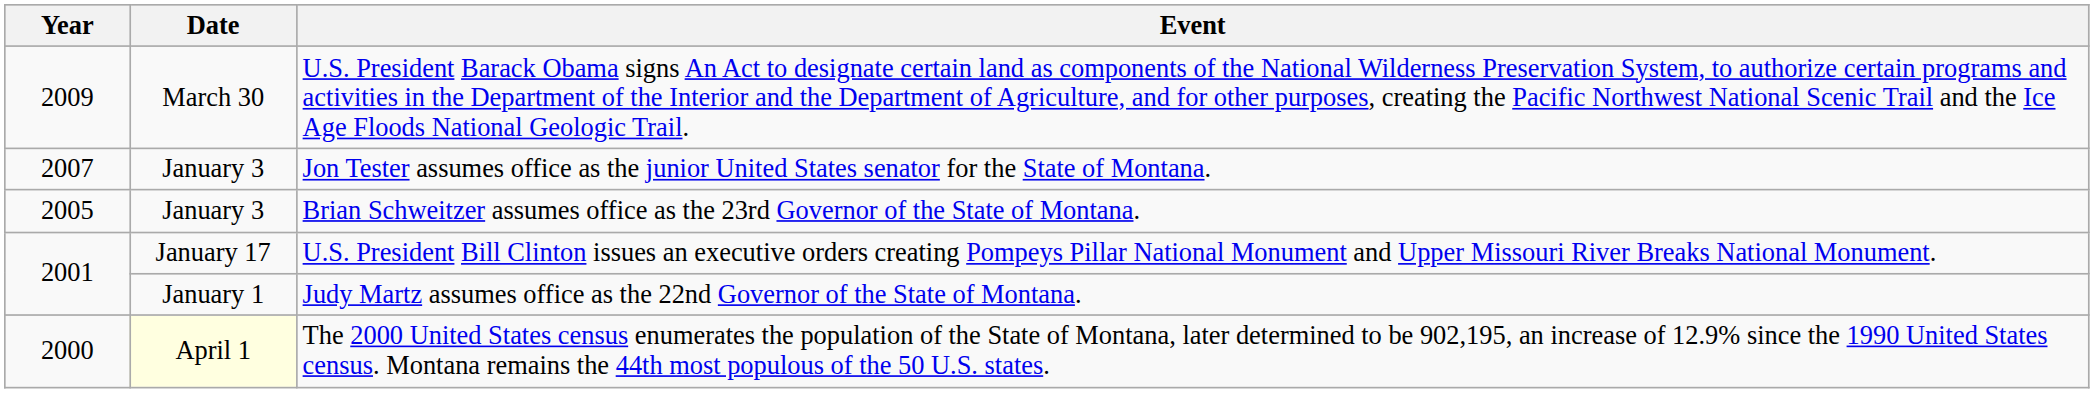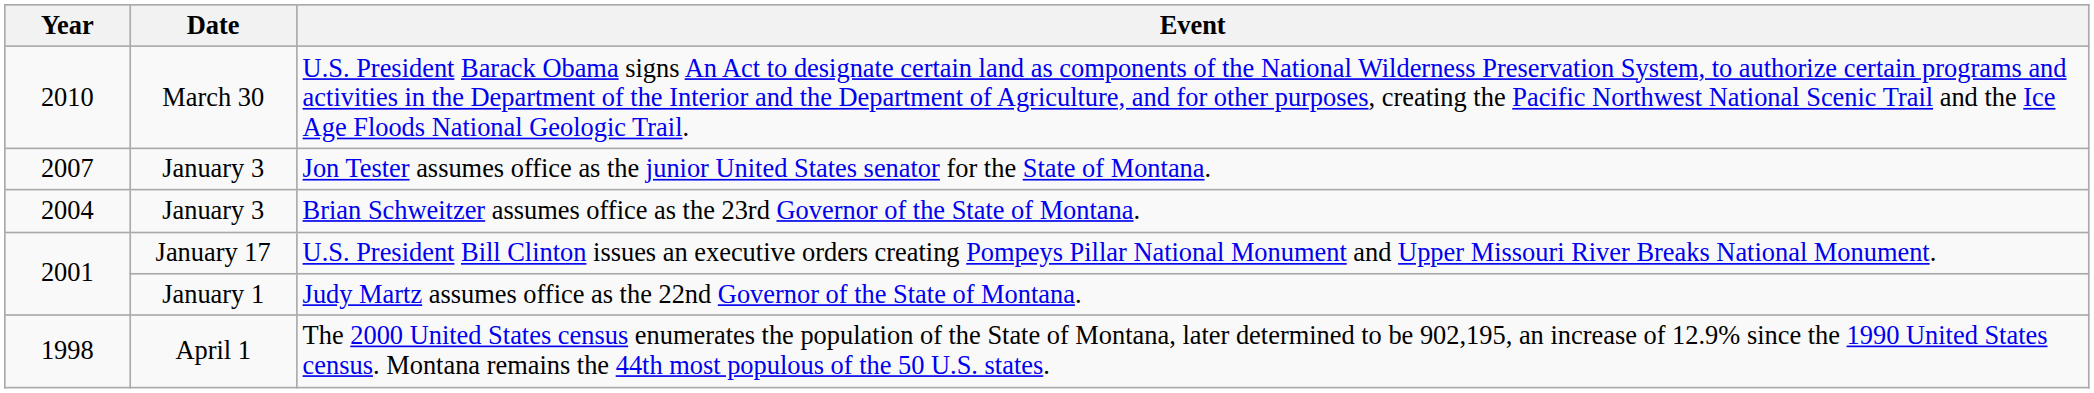 <table class="wikitable" style="width:100%;">
 <tr>
 <th style="width:6%">Year</th>
 <th style="width:8%">Date</th>
 <th style="width:86%">Event</th>
 </tr>
 <tr>
-<td align=center rowspan=1>2009</td>
+<td align=center rowspan=1>2010</td>
 <td align=center>March 30</td>
 <td><a href='#'>U.S. President</a> <a href='#'>Barack Obama</a> signs <a href='#'>An Act to designate certain land as components of the National Wilderness Preservation System, to authorize certain programs and activities in the Department of the Interior and the Department of Agriculture, and for other purposes</a>, creating the <a href='#'>Pacific Northwest National Scenic Trail</a> and the <a href='#'>Ice Age Floods National Geologic Trail</a>.</td>
 </tr>
 <tr>
 <td align=center rowspan=1>2007</td>
 <td align=center>January 3</td>
 <td><a href='#'>Jon Tester</a> assumes office as the <a href='#'>junior United States senator</a> for the <a href='#'>State of Montana</a>.</td>
 </tr>
 <tr>
-<td align=center rowspan=1>2005</td>
+<td align=center rowspan=1>2004</td>
 <td align=center>January 3</td>
 <td><a href='#'>Brian Schweitzer</a> assumes office as the 23rd <a href='#'>Governor of the State of Montana</a>.</td>
 </tr>
 <tr>
 <td align=center rowspan=2>2001</td>
 <td align=center>January 17</td>
 <td><a href='#'>U.S. President</a> <a href='#'>Bill Clinton</a> issues an executive orders creating <a href='#'>Pompeys Pillar National Monument</a> and <a href='#'>Upper Missouri River Breaks National Monument</a>.</td>
 </tr>
 <tr>
 <td align=center>January 1</td>
 <td><a href='#'>Judy Martz</a> assumes office as the 22nd <a href='#'>Governor of the State of Montana</a>.</td>
 </tr>
 <tr>
-<td align=center rowspan=1>2000</td>
-<td align=center style="background: lightyellow;">April 1</td>
+<td align=center rowspan=1>1998</td>
+<td align=center>April 1</td>
 <td>The <a href='#'>2000 United States census</a> enumerates the population of the State of Montana, later determined to be 902,195, an increase of 12.9% since the <a href='#'>1990 United States census</a>. Montana remains the <a href='#'>44th most populous of the 50 U.S. states</a>.</td>
 </tr>
 </table>
